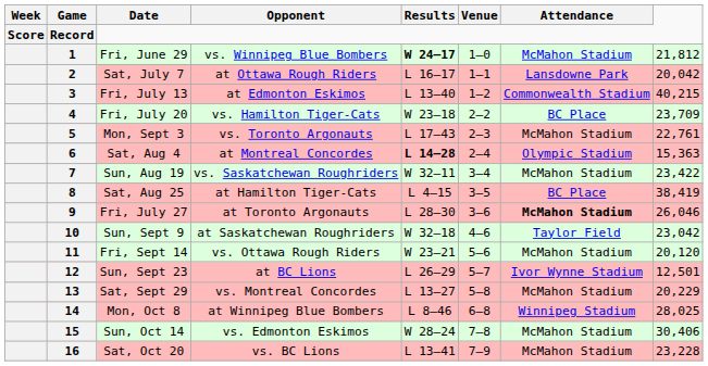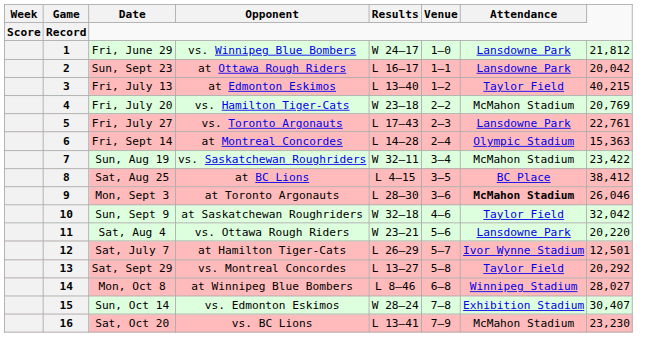 <table class="wikitable" style="text-align:center">
 <tr>
 <th>Week</th>
 <th>Game</th>
 <th>Date</th>
 <th>Opponent</th>
 <th>Results</th>
 <th>Venue</th>
 <th>Attendance</th>
 </tr>
 <tr>
 <th>Score</th>
 <th>Record</th>
 </tr>
 <tr style="background:#ddffdd">
 <th></th>
 <th>1</th>
 <td>Fri, June 29</td>
 <td>vs. <a href='#'>Winnipeg Blue Bombers</a></td>
-<td><strong>W 24–17</strong></td>
+<td>W 24–17</td>
 <td>1–0</td>
-<td><a href='#'>McMahon Stadium</a></td>
+<td><a href='#'>Lansdowne Park</a></td>
 <td>21,812</td>
 </tr>
 <tr style="background:#ffbbbb">
 <th></th>
 <th>2</th>
-<td>Sat, July 7</td>
+<td>Sun, Sept 23</td>
 <td>at <a href='#'>Ottawa Rough Riders</a></td>
 <td>L 16–17</td>
 <td>1–1</td>
 <td><a href='#'>Lansdowne Park</a></td>
 <td>20,042</td>
 </tr>
 <tr style="background:#ffbbbb">
 <th></th>
 <th>3</th>
 <td>Fri, July 13</td>
 <td>at <a href='#'>Edmonton Eskimos</a></td>
 <td>L 13–40</td>
 <td>1–2</td>
-<td><a href='#'>Commonwealth Stadium</a></td>
+<td><a href='#'>Taylor Field</a></td>
 <td>40,215</td>
 </tr>
 <tr style="background:#ddffdd">
 <th></th>
 <th>4</th>
 <td>Fri, July 20</td>
 <td>vs. <a href='#'>Hamilton Tiger-Cats</a></td>
 <td>W 23–18</td>
 <td>2–2</td>
-<td><a href='#'>BC Place</a></td>
-<td>23,709</td>
+<td>McMahon Stadium</td>
+<td>20,769</td>
 </tr>
 <tr style="background:#ffbbbb">
 <th></th>
 <th>5</th>
-<td>Mon, Sept 3</td>
+<td>Fri, July 27</td>
 <td>vs. <a href='#'>Toronto Argonauts</a></td>
 <td>L 17–43</td>
 <td>2–3</td>
-<td>McMahon Stadium</td>
+<td><a href='#'>Lansdowne Park</a></td>
 <td>22,761</td>
 </tr>
 <tr style="background:#ffbbbb">
 <th></th>
 <th>6</th>
-<td>Sat, Aug 4</td>
+<td>Fri, Sept 14</td>
 <td>at <a href='#'>Montreal Concordes</a></td>
-<td><strong>L 14–28</strong></td>
+<td>L 14–28</td>
 <td>2–4</td>
 <td><a href='#'>Olympic Stadium</a></td>
 <td>15,363</td>
 </tr>
 <tr style="background:#ddffdd">
 <th></th>
 <th>7</th>
 <td>Sun, Aug 19</td>
 <td>vs. <a href='#'>Saskatchewan Roughriders</a></td>
 <td>W 32–11</td>
 <td>3–4</td>
 <td>McMahon Stadium</td>
 <td>23,422</td>
 </tr>
 <tr style="background:#ffbbbb">
 <th></th>
 <th>8</th>
 <td>Sat, Aug 25</td>
-<td>at Hamilton Tiger-Cats</td>
+<td>at <a href='#'>BC Lions</a></td>
 <td>L 4–15</td>
 <td>3–5</td>
 <td><a href='#'>BC Place</a></td>
-<td>38,419</td>
+<td>38,412</td>
 </tr>
 <tr style="background:#ffbbbb">
 <th></th>
 <th>9</th>
-<td>Fri, July 27</td>
+<td>Mon, Sept 3</td>
 <td>at Toronto Argonauts</td>
 <td>L 28–30</td>
 <td>3–6</td>
 <td><strong>McMahon Stadium</strong></td>
 <td>26,046</td>
 </tr>
 <tr style="background:#ddffdd">
 <th></th>
 <th>10</th>
 <td>Sun, Sept 9</td>
 <td>at Saskatchewan Roughriders</td>
 <td>W 32–18</td>
 <td>4–6</td>
 <td><a href='#'>Taylor Field</a></td>
-<td>23,042</td>
+<td>32,042</td>
 </tr>
 <tr style="background:#ddffdd">
 <th></th>
 <th>11</th>
-<td>Fri, Sept 14</td>
+<td>Sat, Aug 4</td>
 <td>vs. Ottawa Rough Riders</td>
 <td>W 23–21</td>
 <td>5–6</td>
-<td>McMahon Stadium</td>
-<td>20,120</td>
+<td><a href='#'>Lansdowne Park</a></td>
+<td>20,220</td>
 </tr>
 <tr style="background:#ffbbbb">
 <th></th>
 <th>12</th>
-<td>Sun, Sept 23</td>
-<td>at <a href='#'>BC Lions</a></td>
+<td>Sat, July 7</td>
+<td>at Hamilton Tiger-Cats</td>
 <td>L 26–29</td>
 <td>5–7</td>
 <td><a href='#'>Ivor Wynne Stadium</a></td>
 <td>12,501</td>
 </tr>
 <tr style="background:#ffbbbb">
 <th></th>
 <th>13</th>
 <td>Sat, Sept 29</td>
 <td>vs. Montreal Concordes</td>
 <td>L 13–27</td>
 <td>5–8</td>
-<td>McMahon Stadium</td>
-<td>20,229</td>
+<td><a href='#'>Taylor Field</a></td>
+<td>20,292</td>
 </tr>
 <tr style="background:#ffbbbb">
 <th></th>
 <th>14</th>
 <td>Mon, Oct 8</td>
 <td>at Winnipeg Blue Bombers</td>
 <td>L 8–46</td>
 <td>6–8</td>
 <td><a href='#'>Winnipeg Stadium</a></td>
-<td>28,025</td>
+<td>28,027</td>
 </tr>
 <tr style="background:#ddffdd">
 <th></th>
 <th>15</th>
 <td>Sun, Oct 14</td>
 <td>vs. Edmonton Eskimos</td>
 <td>W 28–24</td>
 <td>7–8</td>
-<td>McMahon Stadium</td>
-<td>30,406</td>
+<td><a href='#'>Exhibition Stadium</a></td>
+<td>30,407</td>
 </tr>
 <tr style="background:#ffbbbb">
 <th></th>
 <th>16</th>
 <td>Sat, Oct 20</td>
 <td>vs. BC Lions</td>
 <td>L 13–41</td>
 <td>7–9</td>
 <td>McMahon Stadium</td>
-<td>23,228</td>
+<td>23,230</td>
 </tr>
 </table>
